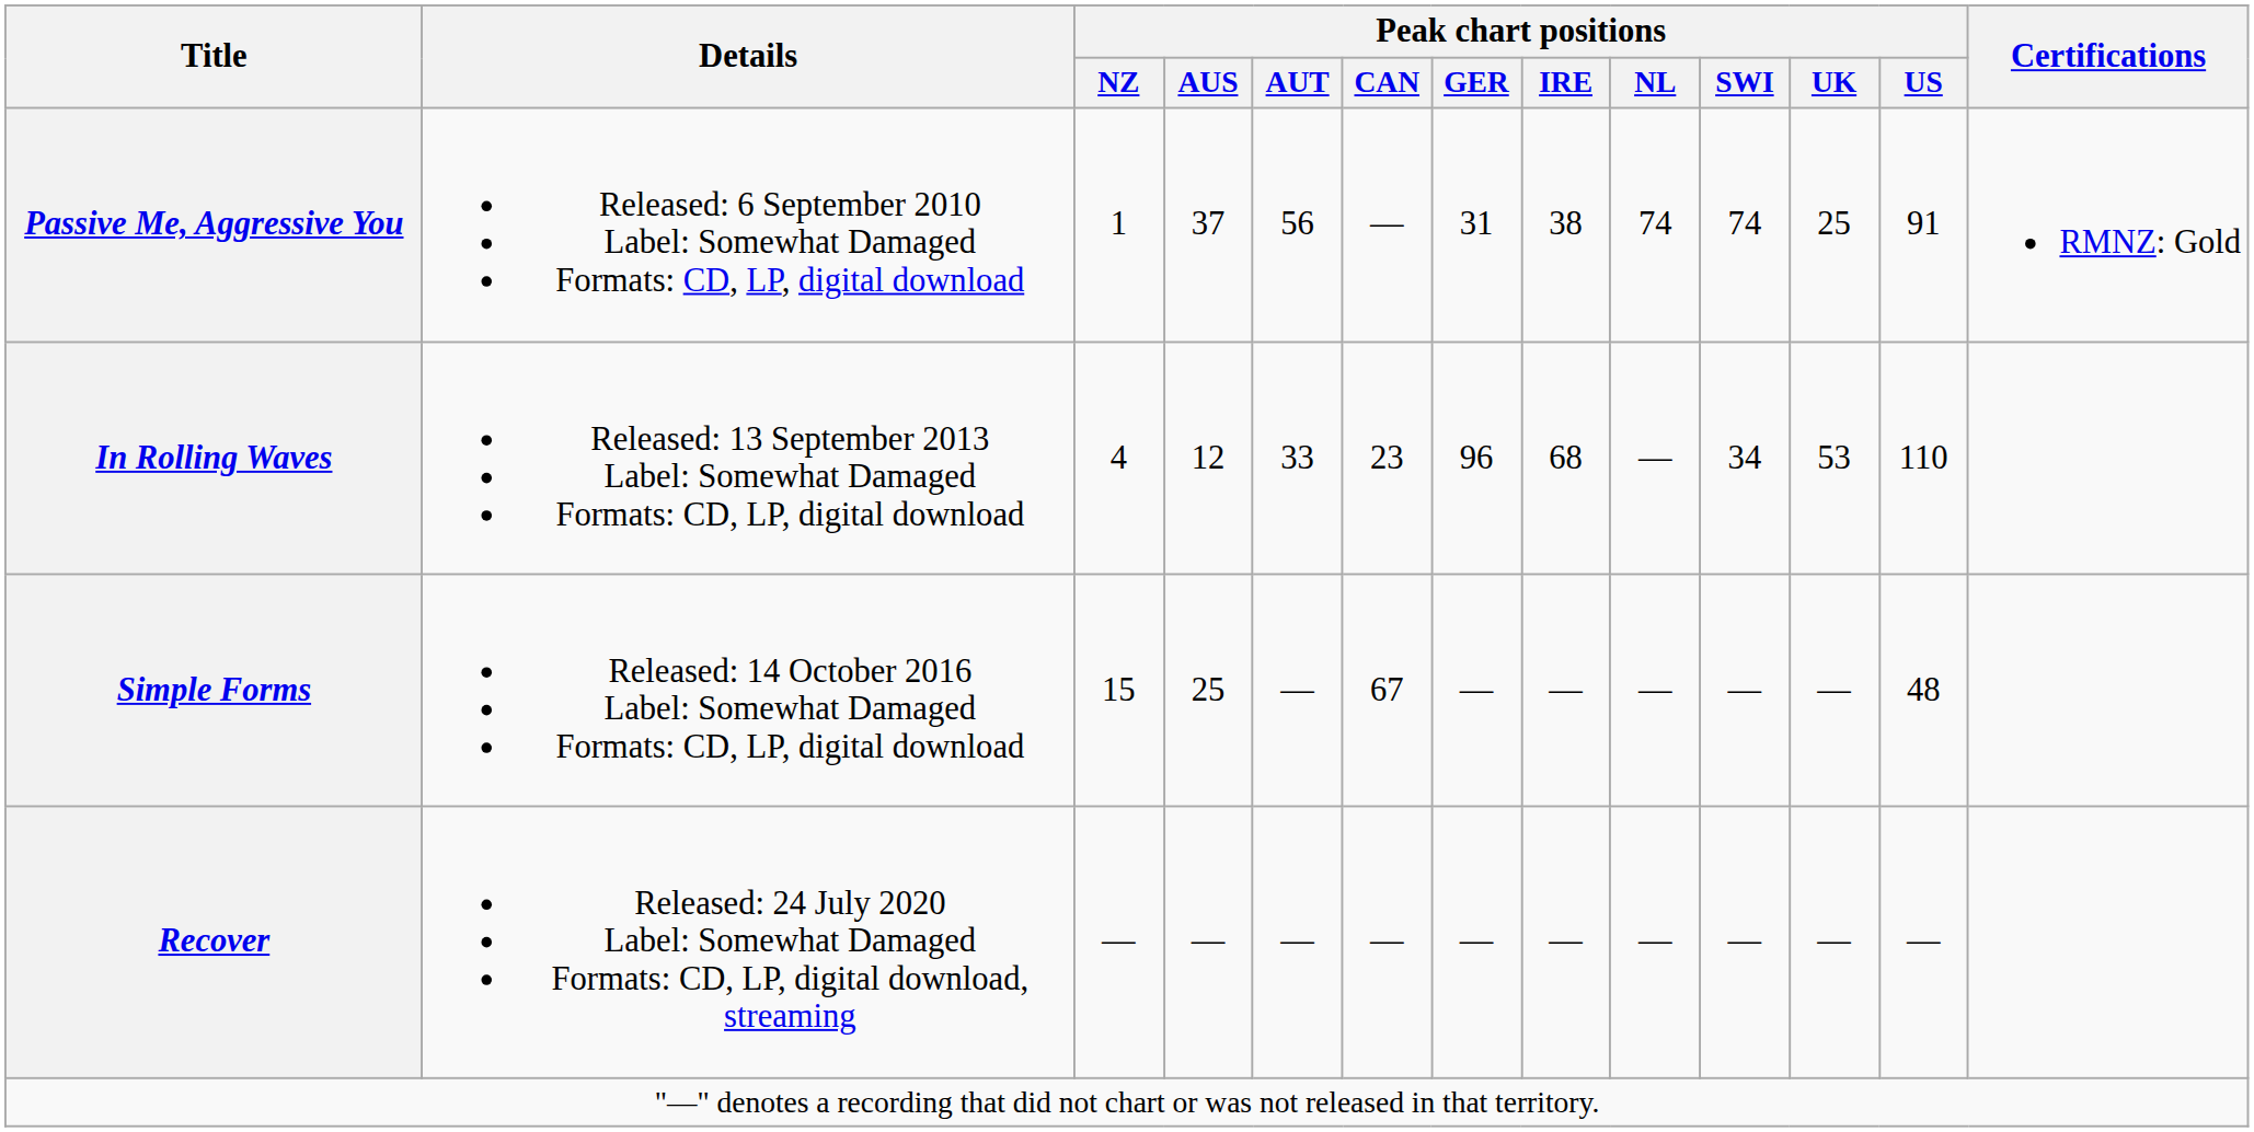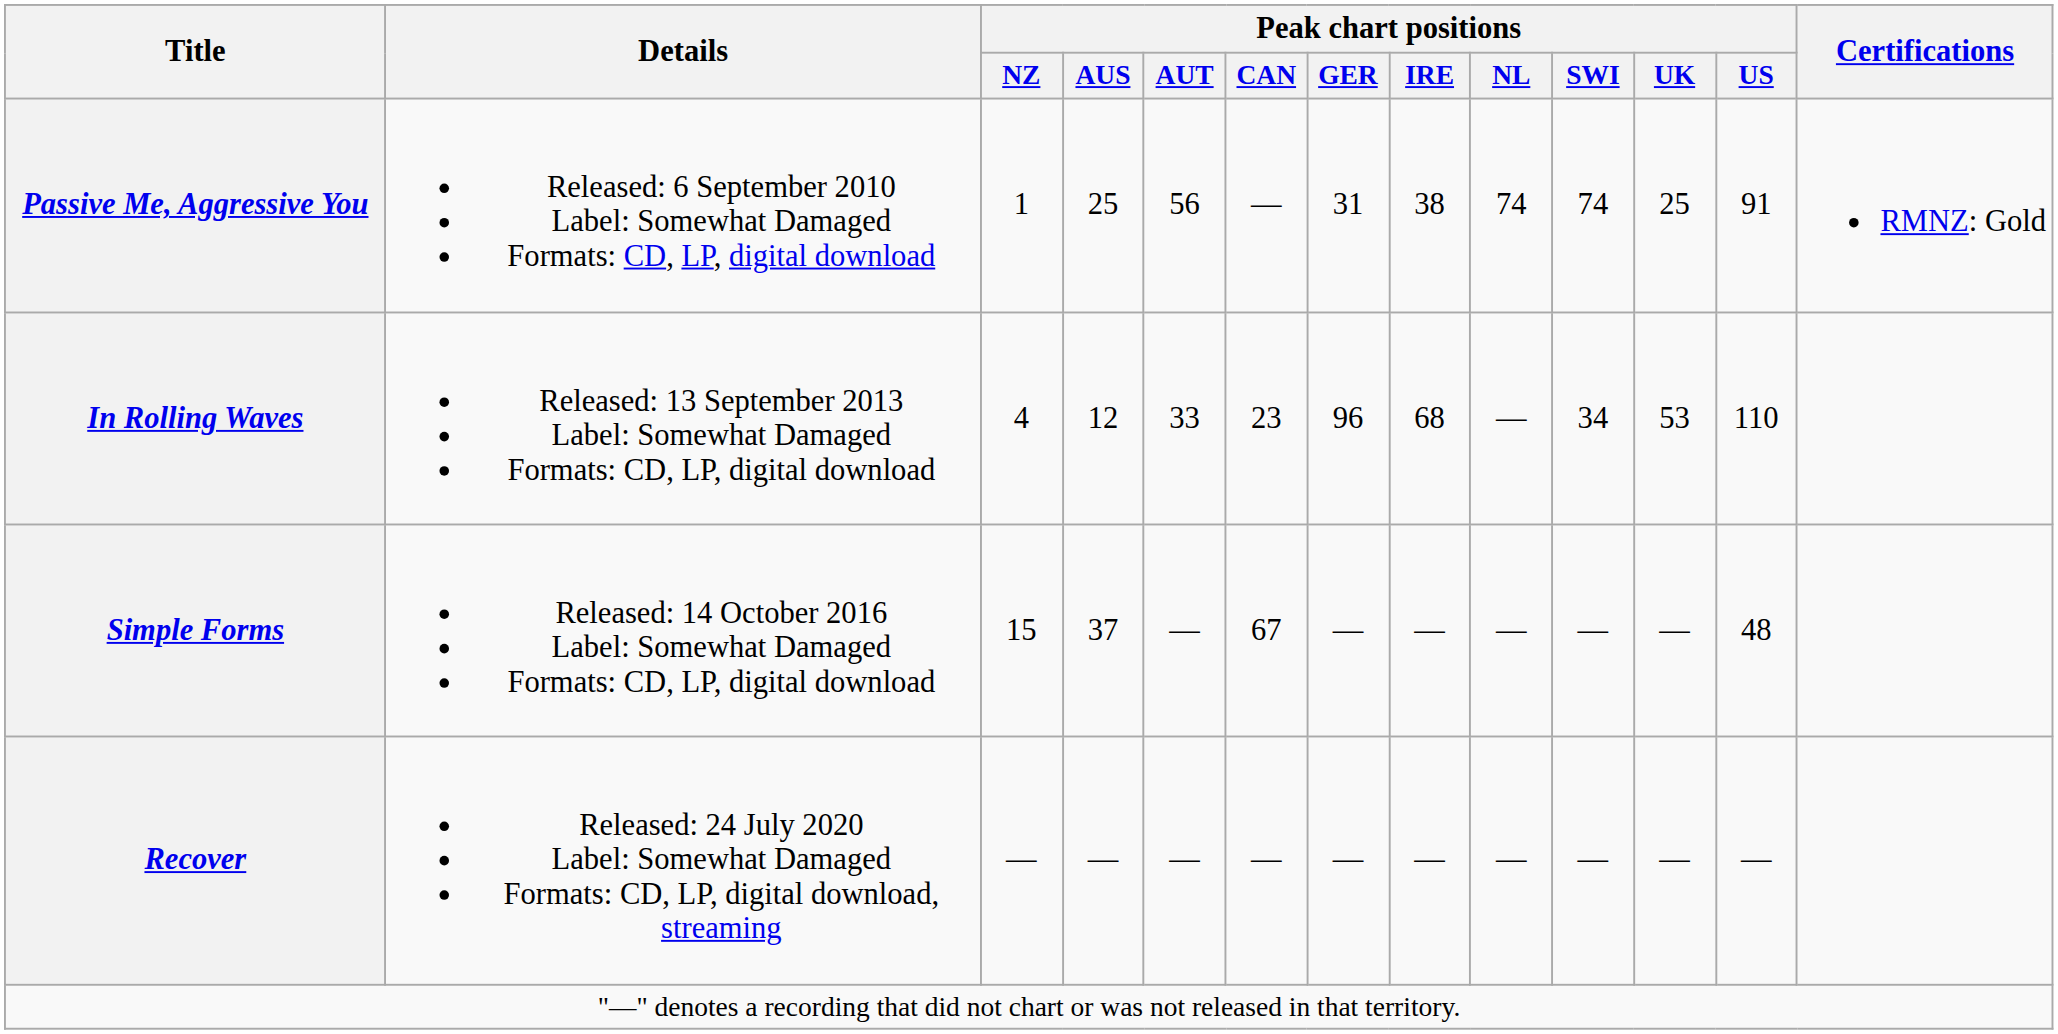 <table class="wikitable plainrowheaders" style="text-align:center;">
 <tr>
 <th scope="col" rowspan="2" style="width:12em;">Title</th>
 <th scope="col" rowspan="2" style="width:19em;">Details</th>
 <th scope="col" colspan="10">Peak chart positions</th>
 <th scope="col" rowspan="2"><a href='#'>Certifications</a></th>
 </tr>
 <tr>
 <th scope="col" style="width:2.5em;font-size:90%;"><a href='#'>NZ</a><br></th>
 <th scope="col" style="width:2.5em;font-size:90%;"><a href='#'>AUS</a><br></th>
 <th scope="col" style="width:2.5em;font-size:90%;"><a href='#'>AUT</a><br></th>
 <th scope="col" style="width:2.5em;font-size:90%;"><a href='#'>CAN</a><br></th>
 <th scope="col" style="width:2.5em;font-size:90%;"><a href='#'>GER</a><br></th>
 <th scope="col" style="width:2.5em;font-size:90%;"><a href='#'>IRE</a><br></th>
 <th scope="col" style="width:2.5em;font-size:90%;"><a href='#'>NL</a><br></th>
 <th scope="col" style="width:2.5em;font-size:90%;"><a href='#'>SWI</a><br></th>
 <th scope="col" style="width:2.5em;font-size:90%;"><a href='#'>UK</a><br></th>
 <th scope="col" style="width:2.5em;font-size:90%;"><a href='#'>US</a><br></th>
 </tr>
 <tr>
 <th scope="row"><em><a href='#'>Passive Me, Aggressive You</a></em></th>
 <td><br><ul><li>Released: 6 September 2010</li><li>Label: Somewhat Damaged</li><li>Formats: <a href='#'>CD</a>, <a href='#'>LP</a>, <a href='#'>digital download</a></li></ul></td>
 <td>1</td>
-<td>37</td>
+<td>25</td>
 <td>56</td>
 <td>—</td>
 <td>31</td>
 <td>38</td>
 <td>74</td>
 <td>74</td>
 <td>25</td>
 <td>91</td>
 <td><br><ul><li><a href='#'>RMNZ</a>: Gold</li></ul></td>
 </tr>
 <tr>
 <th scope="row"><em><a href='#'>In Rolling Waves</a></em></th>
 <td><br><ul><li>Released: 13 September 2013</li><li>Label: Somewhat Damaged</li><li>Formats: CD, LP, digital download</li></ul></td>
 <td>4</td>
 <td>12</td>
 <td>33</td>
 <td>23</td>
 <td>96</td>
 <td>68</td>
 <td>—</td>
 <td>34</td>
 <td>53</td>
 <td>110</td>
 <td></td>
 </tr>
 <tr>
 <th scope="row"><em><a href='#'>Simple Forms</a></em></th>
 <td><br><ul><li>Released: 14 October 2016</li><li>Label: Somewhat Damaged</li><li>Formats: CD, LP, digital download</li></ul></td>
 <td>15</td>
-<td>25</td>
+<td>37</td>
 <td>—</td>
 <td>67</td>
 <td>—</td>
 <td>—</td>
 <td>—</td>
 <td>—</td>
 <td>—</td>
 <td>48</td>
 <td></td>
 </tr>
 <tr>
 <th scope="row"><em><a href='#'>Recover</a></em></th>
 <td><br><ul><li>Released: 24 July 2020</li><li>Label: Somewhat Damaged</li><li>Formats: CD, LP, digital download, <a href='#'>streaming</a></li></ul></td>
 <td>—</td>
 <td>—</td>
 <td>—</td>
 <td>—</td>
 <td>—</td>
 <td>—</td>
 <td>—</td>
 <td>—</td>
 <td>—</td>
 <td>—</td>
 <td></td>
 </tr>
 <tr>
 <td colspan="14" style="font-size:90%">"—" denotes a recording that did not chart or was not released in that territory.</td>
 </tr>
 </table>
